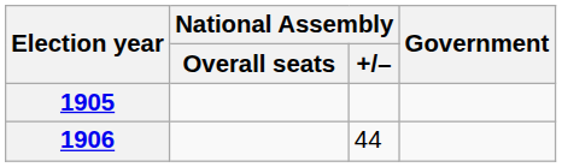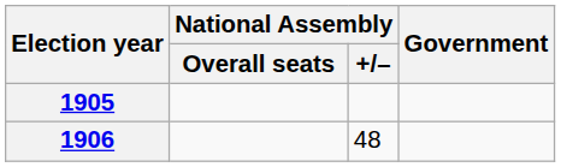 <table class=wikitable>
 <tr>
 <th rowspan=2>Election year</th>
 <th colspan=2>National Assembly</th>
 <th rowspan=2>Government</th>
 </tr>
 <tr>
 <th>Overall seats</th>
 <th>+/–</th>
 </tr>
 <tr>
 <th><a href='#'>1905</a></th>
 <td></td>
 <td></td>
 <td></td>
 </tr>
 <tr>
 <th><a href='#'>1906</a></th>
 <td></td>
-<td> 44</td>
+<td> 48</td>
 <td></td>
 </tr>
 </table>
